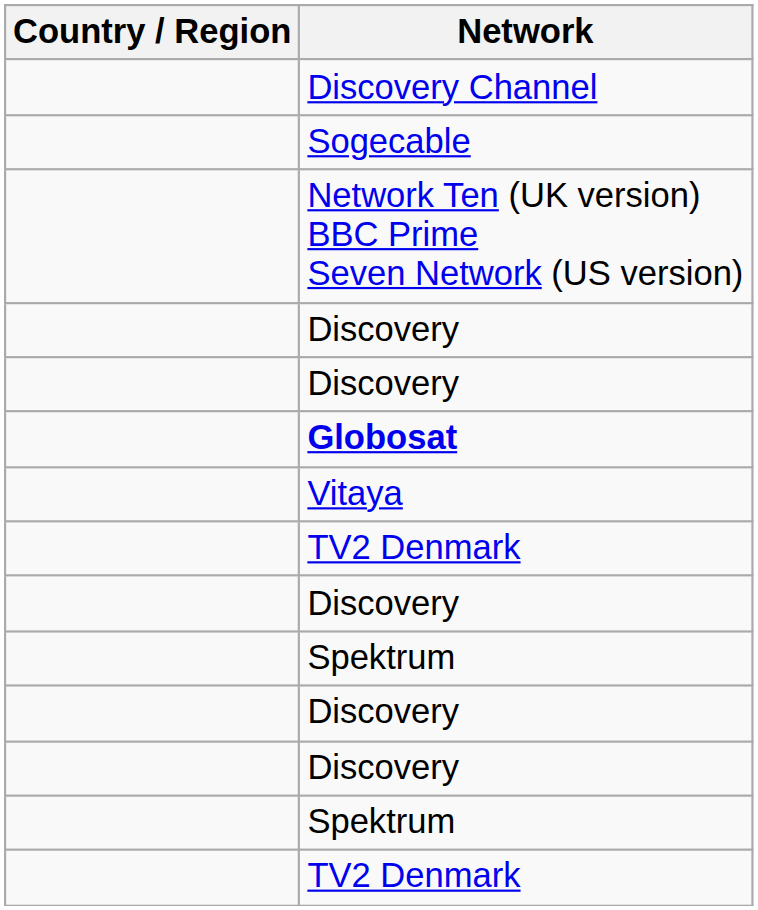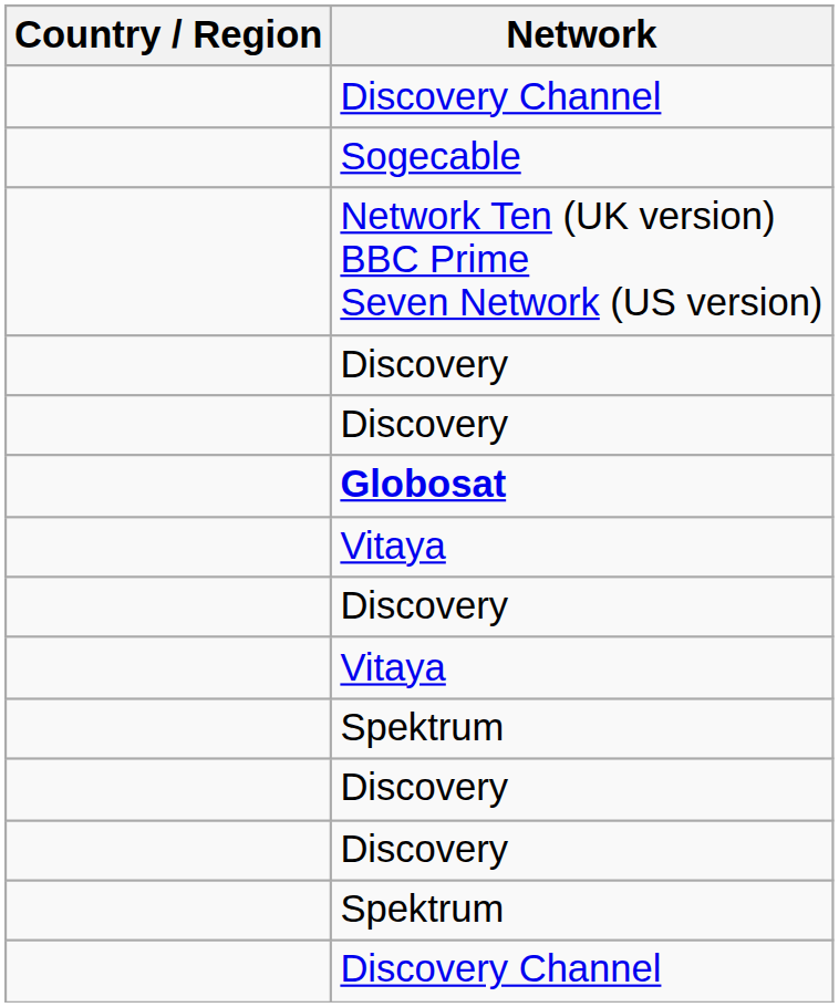 <table class="wikitable">
 <tr>
 <th>Country / Region</th>
 <th>Network</th>
 </tr>
 <tr>
 <td></td>
 <td><a href='#'>Discovery Channel</a></td>
 </tr>
 <tr>
 <td></td>
 <td><a href='#'>Sogecable</a></td>
 </tr>
 <tr>
 <td></td>
 <td><a href='#'>Network Ten</a> (UK version)<br><a href='#'>BBC Prime</a><br><a href='#'>Seven Network</a> (US version)</td>
 </tr>
 <tr>
 <td></td>
 <td>Discovery</td>
 </tr>
 <tr>
 <td></td>
 <td>Discovery</td>
 </tr>
 <tr>
 <td></td>
 <td><strong><a href='#'>Globosat</a></strong></td>
 </tr>
 <tr>
 <td></td>
 <td><a href='#'>Vitaya</a></td>
 </tr>
 <tr>
 <td></td>
-<td><a href='#'>TV2 Denmark</a></td>
+<td>Discovery</td>
 </tr>
 <tr>
 <td></td>
-<td>Discovery</td>
+<td><a href='#'>Vitaya</a></td>
 </tr>
 <tr>
 <td></td>
 <td>Spektrum</td>
 </tr>
 <tr>
 <td></td>
 <td>Discovery</td>
 </tr>
 <tr>
 <td></td>
 <td>Discovery</td>
 </tr>
 <tr>
 <td></td>
 <td>Spektrum</td>
 </tr>
 <tr>
 <td></td>
-<td><a href='#'>TV2 Denmark</a></td>
+<td><a href='#'>Discovery Channel</a></td>
 </tr>
 </table>
